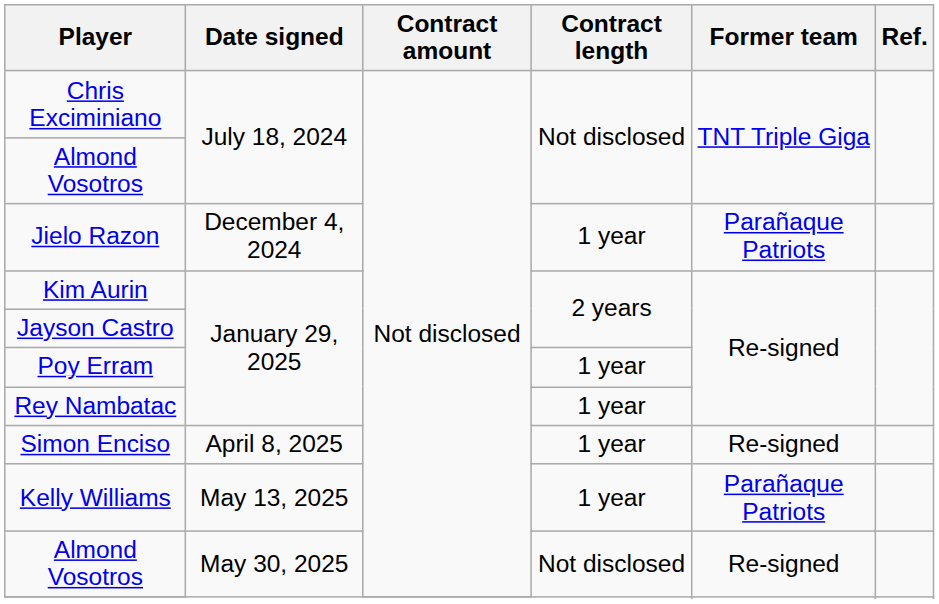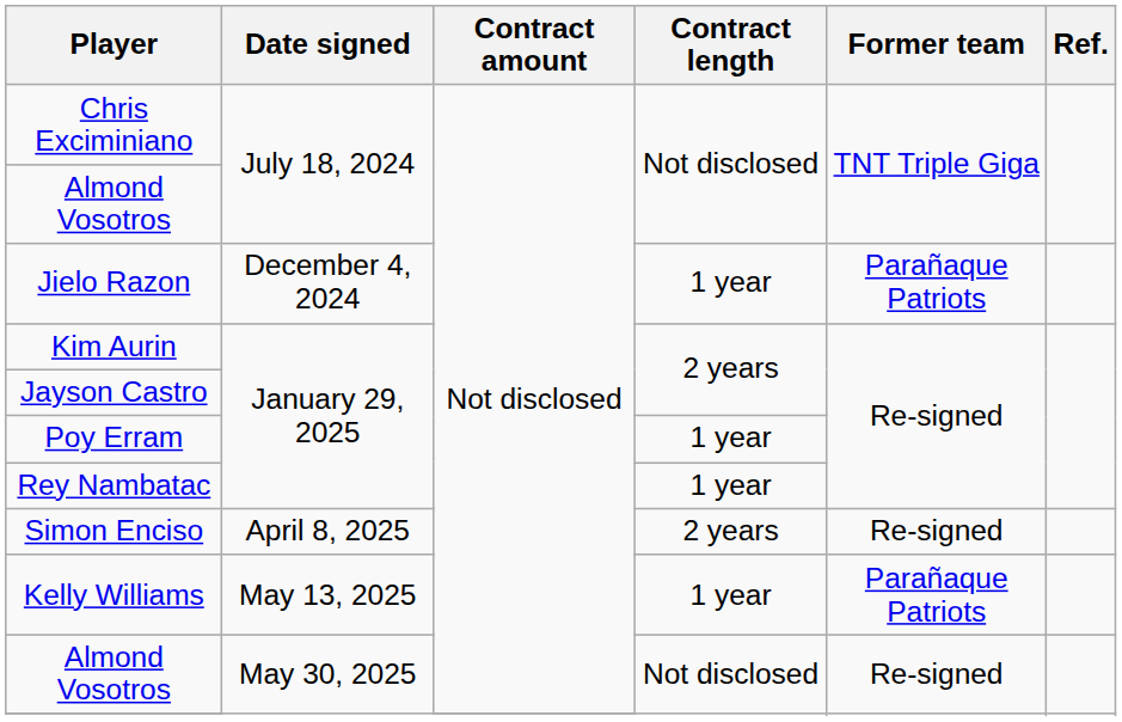 <table class="wikitable sortable sortable">
 <tr>
 <th>Player</th>
 <th>Date signed</th>
 <th>Contract amount</th>
 <th>Contract length</th>
 <th>Former team</th>
 <th>Ref.</th>
 </tr>
 <tr>
 <td align=center><a href='#'>Chris Exciminiano</a></td>
 <td align=center rowspan=2>July 18, 2024</td>
 <td align=center rowspan=10>Not disclosed</td>
 <td align=center rowspan=2>Not disclosed</td>
 <td align=center rowspan=2><a href='#'>TNT Triple Giga</a> </td>
 <td align=center rowspan=2></td>
 </tr>
 <tr>
 <td align=center><a href='#'>Almond Vosotros</a></td>
 </tr>
 <tr>
 <td align=center><a href='#'>Jielo Razon</a></td>
 <td align=center>December 4, 2024</td>
 <td align=center>1 year</td>
 <td align=center><a href='#'>Parañaque Patriots</a> </td>
 <td align=center></td>
 </tr>
 <tr>
 <td align=center><a href='#'>Kim Aurin</a></td>
 <td align=center rowspan=4>January 29, 2025</td>
 <td align=center rowspan=2>2 years</td>
 <td align=center rowspan=4>Re-signed</td>
 <td align=center rowspan=4></td>
 </tr>
 <tr>
 <td align=center><a href='#'>Jayson Castro</a></td>
 </tr>
 <tr>
 <td align=center><a href='#'>Poy Erram</a></td>
 <td align=center>1 year</td>
 </tr>
 <tr>
 <td align=center><a href='#'>Rey Nambatac</a></td>
 <td align=center>1 year</td>
 </tr>
 <tr>
 <td align=center><a href='#'>Simon Enciso</a></td>
 <td align=center>April 8, 2025</td>
-<td align=center>1 year</td>
+<td align=center>2 years</td>
 <td align=center>Re-signed</td>
 <td align=center></td>
 </tr>
 <tr>
 <td align=center><a href='#'>Kelly Williams</a></td>
 <td align=center>May 13, 2025</td>
 <td align=center>1 year</td>
 <td align=center><a href='#'>Parañaque Patriots</a> </td>
 <td align=center></td>
 </tr>
 <tr>
 <td align=center><a href='#'>Almond Vosotros</a></td>
 <td align=center rowspan=2>May 30, 2025</td>
 <td align=center rowspan=2>Not disclosed</td>
 <td align=center rowspan=2>Re-signed</td>
 <td align=center rowspan=2></td>
 </tr>
 <tr>
 </tr>
 </table>
